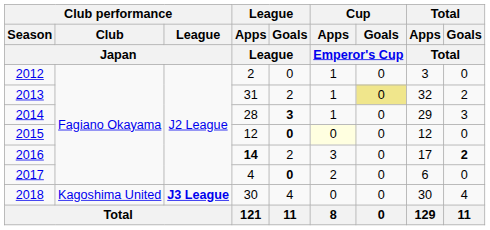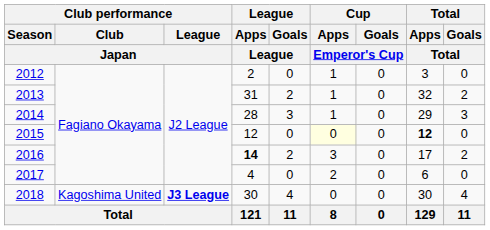 <table class="wikitable" style="text-align:center;">
 <tr>
 <th colspan=3>Club performance</th>
 <th colspan=2>League</th>
 <th colspan=2>Cup</th>
 <th colspan=2>Total</th>
 </tr>
 <tr>
 <th>Season</th>
 <th>Club</th>
 <th>League</th>
 <th>Apps</th>
 <th>Goals</th>
 <th>Apps</th>
 <th>Goals</th>
 <th>Apps</th>
 <th>Goals</th>
 </tr>
 <tr>
 <th colspan=3>Japan</th>
 <th colspan=2>League</th>
 <th colspan=2><a href='#'>Emperor's Cup</a></th>
 <th colspan=2>Total</th>
 </tr>
 <tr>
 <td><a href='#'>2012</a></td>
 <td rowspan="6"><a href='#'>Fagiano Okayama</a></td>
 <td rowspan="6"><a href='#'>J2 League</a></td>
 <td>2</td>
 <td>0</td>
 <td>1</td>
 <td>0</td>
 <td>3</td>
 <td>0</td>
 </tr>
 <tr>
 <td><a href='#'>2013</a></td>
 <td>31</td>
 <td>2</td>
 <td>1</td>
-<td style="background: khaki;">0</td>
+<td>0</td>
 <td>32</td>
 <td>2</td>
 </tr>
 <tr>
 <td><a href='#'>2014</a></td>
 <td>28</td>
-<td><strong>3</strong></td>
+<td>3</td>
 <td>1</td>
 <td>0</td>
 <td>29</td>
 <td>3</td>
 </tr>
 <tr>
 <td><a href='#'>2015</a></td>
 <td>12</td>
-<td><strong>0</strong></td>
+<td>0</td>
 <td style="background: lightyellow;">0</td>
 <td>0</td>
-<td>12</td>
+<td><strong>12</strong></td>
 <td>0</td>
 </tr>
 <tr>
 <td><a href='#'>2016</a></td>
 <td><strong>14</strong></td>
 <td>2</td>
 <td>3</td>
 <td>0</td>
 <td>17</td>
-<td><strong>2</strong></td>
+<td>2</td>
 </tr>
 <tr>
 <td><a href='#'>2017</a></td>
 <td>4</td>
-<td><strong>0</strong></td>
+<td>0</td>
 <td>2</td>
 <td>0</td>
 <td>6</td>
 <td>0</td>
 </tr>
 <tr>
 <td><a href='#'>2018</a></td>
 <td rowspan=1><a href='#'>Kagoshima United</a></td>
 <td><strong><a href='#'>J3 League</a></strong></td>
 <td>30</td>
 <td>4</td>
 <td>0</td>
 <td>0</td>
 <td>30</td>
 <td>4</td>
 </tr>
 <tr>
 <th colspan=3>Total</th>
 <th>121</th>
 <th>11</th>
 <th>8</th>
 <th>0</th>
 <th>129</th>
 <th>11</th>
 </tr>
 </table>
